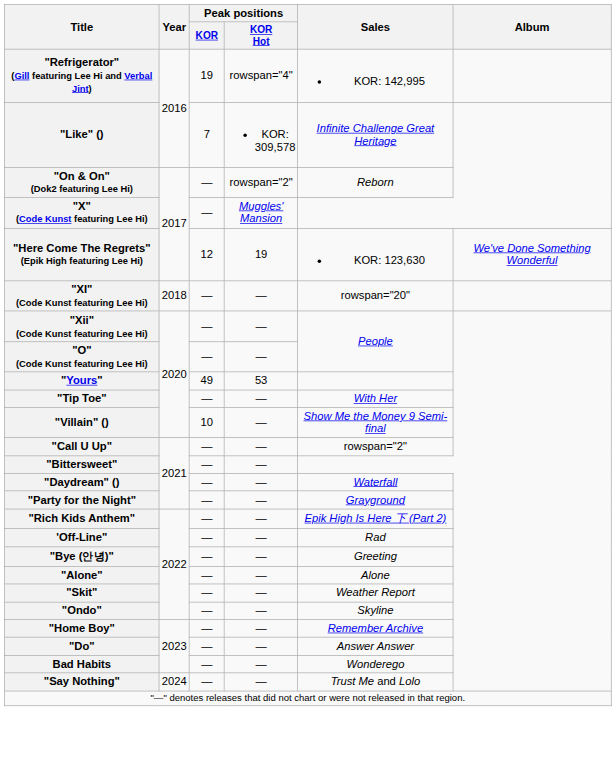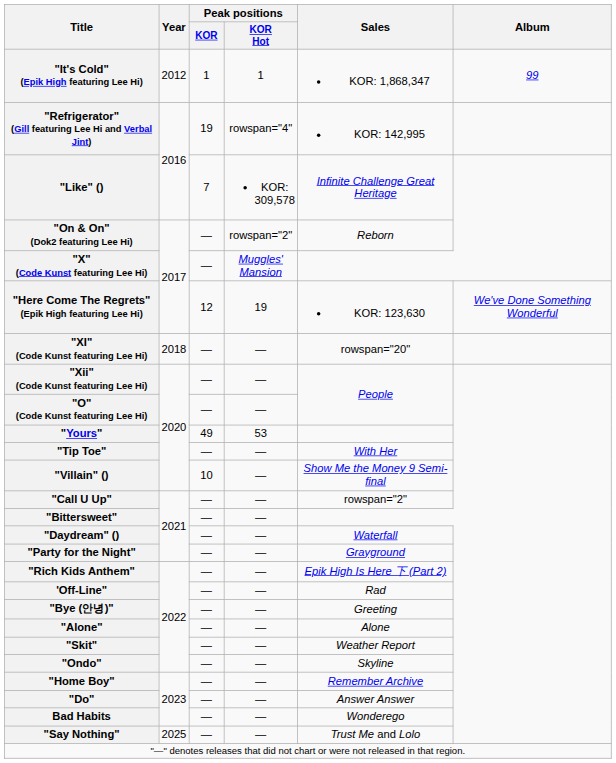 <table class="wikitable plainrowheaders" style="text-align:center;">
 <tr>
 <th scope="col" rowspan="2">Title</th>
 <th scope="col" rowspan="2">Year</th>
 <th scope="col" colspan="2">Peak positions</th>
 <th scope="col" rowspan="2">Sales</th>
 <th scope="col" rowspan="2">Album</th>
 </tr>
 <tr>
 <th scope="col" style="width:3em;font-size:90%;"><a href='#'>KOR</a><br></th>
 <th scope="col" style="width:3em;font-size:90%;"><a href='#'>KOR<br>Hot</a><br></th>
+</tr>
+<tr>
+<th scope="row">"It's Cold"<br><small>(<a href='#'>Epik High</a> featuring Lee Hi)</small></th>
+<td>2012</td>
+<td>1</td>
+<td>1</td>
+<td><br><ul><li>KOR: 1,868,347</li></ul></td>
+<td align="center"><em><a href='#'>99</a></em></td>
 </tr>
 <tr>
 <th scope="row">"Refrigerator"<br><small>(<a href='#'>Gill</a> featuring Lee Hi and <a href='#'>Verbal Jint</a>)</small></th>
 <td rowspan="2">2016</td>
 <td>19</td>
 <td>rowspan="4" </td>
 <td><br><ul><li>KOR: 142,995</li></ul></td>
 <td></td>
 </tr>
 <tr>
 <th scope="row">"Like" ()<br></th>
 <td>7</td>
 <td><br><ul><li>KOR: 309,578</li></ul></td>
 <td><em><a href='#'>Infinite Challenge Great Heritage</a></em></td>
 </tr>
 <tr>
 <th scope="row">"On & On"<br><small>(Dok2 featuring Lee Hi)</small></th>
 <td rowspan="3">2017</td>
 <td>—</td>
 <td>rowspan="2" </td>
 <td><em>Reborn</em></td>
 </tr>
 <tr>
 <th scope="row">"X"<br><small>(<a href='#'>Code Kunst</a> featuring Lee Hi)</small></th>
 <td>—</td>
 <td><em><a href='#'>Muggles' Mansion</a></em></td>
 </tr>
 <tr>
 <th scope="row">"Here Come The Regrets"<br><small>(Epik High featuring Lee Hi)</small></th>
 <td>12</td>
 <td>19</td>
 <td><br><ul><li>KOR: 123,630</li></ul></td>
 <td><em><a href='#'>We've Done Something Wonderful</a></em></td>
 </tr>
 <tr>
 <th scope="row">"XI"<br><small>(Code Kunst featuring Lee Hi)</small></th>
 <td>2018</td>
 <td>—</td>
 <td>—</td>
 <td>rowspan="20" </td>
 <td></td>
 </tr>
 <tr>
 <th scope="row">"Xii"<br><small>(Code Kunst featuring Lee Hi)</small></th>
 <td rowspan="5">2020</td>
 <td>—</td>
 <td>—</td>
 <td rowspan="2"><em><a href='#'>People</a></em></td>
 </tr>
 <tr>
 <th scope="row">"O"<br><small>(Code Kunst featuring Lee Hi)</small></th>
 <td>—</td>
 <td>—</td>
 </tr>
 <tr>
 <th scope="row">"<a href='#'>Yours</a>"<br></th>
 <td>49</td>
 <td>53</td>
 <td></td>
 </tr>
 <tr>
 <th scope="row">"Tip Toe"<br></th>
 <td>—</td>
 <td>—</td>
 <td><em><a href='#'>With Her</a></em></td>
 </tr>
 <tr>
 <th scope="row">"Villain" ()<br></th>
 <td>10</td>
 <td>—</td>
 <td><em><a href='#'>Show Me the Money 9 Semi-final</a></em></td>
 </tr>
 <tr>
 <th scope="row">"Call U Up"<br></th>
 <td rowspan="4">2021</td>
 <td>—</td>
 <td>—</td>
 <td>rowspan="2" </td>
 </tr>
 <tr>
 <th scope="row">"Bittersweet" <br></th>
 <td>—</td>
 <td>—</td>
 </tr>
 <tr>
 <th scope="row">"Daydream" ()<br></th>
 <td>—</td>
 <td>—</td>
 <td><em><a href='#'>Waterfall</a></em></td>
 </tr>
 <tr>
 <th scope="row">"Party for the Night"<br></th>
 <td>—</td>
 <td>—</td>
 <td><em><a href='#'>Grayground</a></em></td>
 </tr>
 <tr>
 <th scope="row">"Rich Kids Anthem"<br></th>
 <td rowspan="6">2022</td>
 <td>—</td>
 <td>—</td>
 <td><em><a href='#'>Epik High Is Here 下 (Part 2)</a></em></td>
 </tr>
 <tr>
 <th scope="row">'Off-Line"<br></th>
 <td>—</td>
 <td>—</td>
 <td><em>Rad</em></td>
 </tr>
 <tr>
 <th scope="row">"Bye (안녕)" <br></th>
 <td>—</td>
 <td>—</td>
 <td><em>Greeting</em></td>
 </tr>
 <tr>
 <th scope="row">"Alone"<br></th>
 <td>—</td>
 <td>—</td>
 <td><em>Alone</em></td>
 </tr>
 <tr>
 <th scope="row">"Skit"<br></th>
 <td>—</td>
 <td>—</td>
 <td><em>Weather Report</em></td>
 </tr>
 <tr>
 <th scope="row">"Ondo"<br></th>
 <td>—</td>
 <td>—</td>
 <td><em>Skyline</em></td>
 </tr>
 <tr>
 <th scope="row">"Home Boy"<br></th>
 <td rowspan="3">2023</td>
 <td>—</td>
 <td>—</td>
 <td><em><a href='#'>Remember Archive</a></em></td>
 </tr>
 <tr>
 <th scope="row">"Do"<br></th>
 <td>—</td>
 <td>—</td>
 <td><em>Answer Answer</em></td>
 </tr>
 <tr>
 <th scope="row">Bad Habits<br></th>
 <td>—</td>
 <td>—</td>
 <td><em>Wonderego</em></td>
 </tr>
 <tr>
 <th scope="row">"Say Nothing"<br></th>
-<td>2024</td>
+<td>2025</td>
 <td>—</td>
 <td>—</td>
 <td><em>Trust Me</em> and <em>Lolo</em></td>
 </tr>
 <tr>
 <td colspan="6" style="font-size:85%">"—" denotes releases that did not chart or were not released in that region.</td>
 </tr>
 </table>
